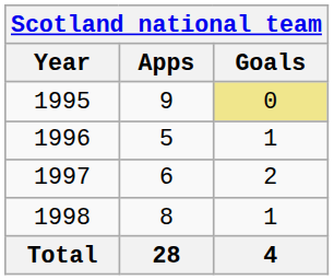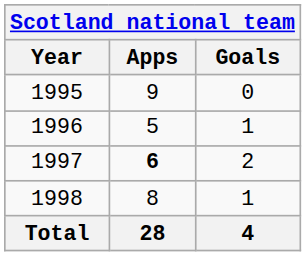 <table class="wikitable" style="text-align:center">
 <tr>
 <th colspan=3><a href='#'>Scotland national team</a></th>
 </tr>
 <tr>
 <th>Year</th>
 <th>Apps</th>
 <th>Goals</th>
 </tr>
 <tr>
 <td>1995</td>
 <td>9</td>
-<td style="background: khaki;">0</td>
+<td>0</td>
 </tr>
 <tr>
 <td>1996</td>
 <td>5</td>
 <td>1</td>
 </tr>
 <tr>
 <td>1997</td>
-<td>6</td>
+<td><strong>6</strong></td>
 <td>2</td>
 </tr>
 <tr>
 <td>1998</td>
 <td>8</td>
 <td>1</td>
 </tr>
 <tr>
 <th>Total</th>
 <th>28</th>
 <th>4</th>
 </tr>
 </table>
